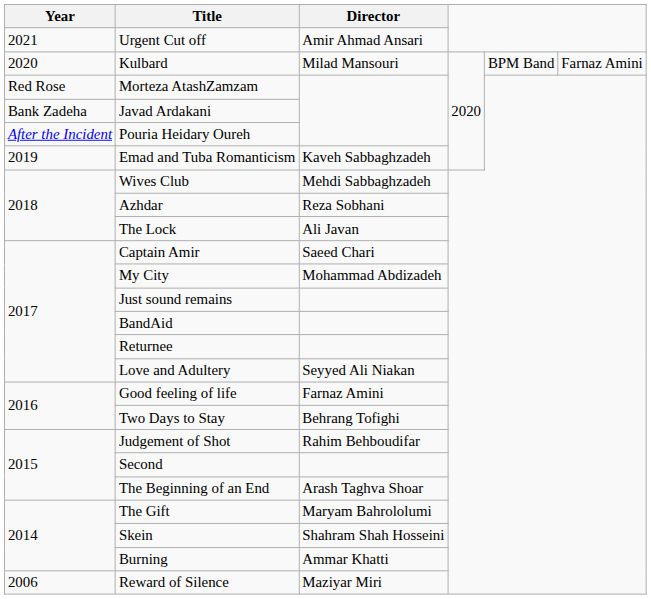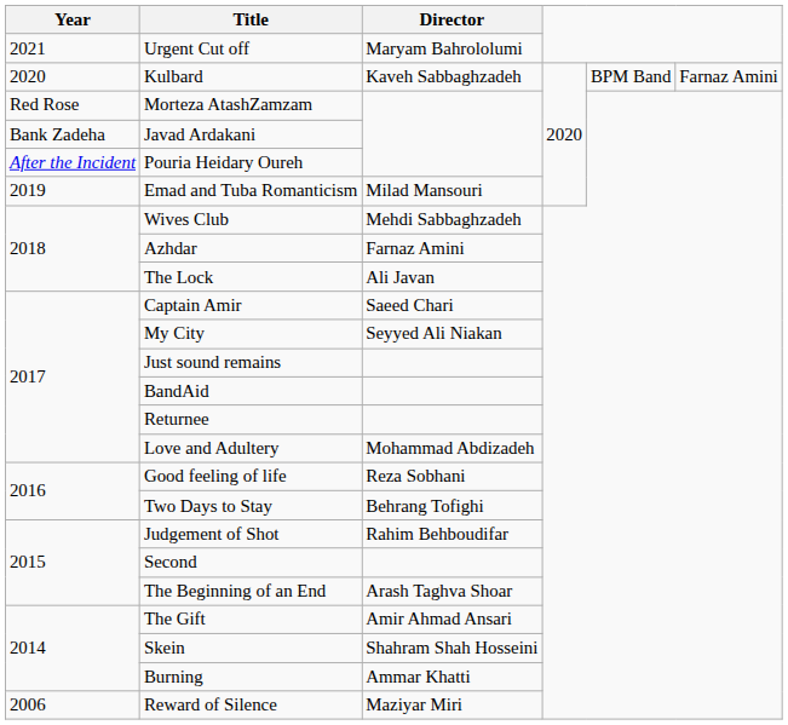 <table class="wikitable sortable">
 <tr>
 <th>Year</th>
 <th>Title</th>
 <th>Director</th>
 </tr>
 <tr>
 <td>2021</td>
 <td>Urgent Cut off</td>
-<td>Amir Ahmad Ansari</td>
+<td>Maryam Bahrololumi</td>
 </tr>
 <tr>
 <td>2020</td>
 <td>Kulbard</td>
-<td>Milad Mansouri</td>
+<td>Kaveh Sabbaghzadeh</td>
 <td rowspan="5">2020</td>
 <td>BPM Band</td>
 <td>Farnaz Amini</td>
 </tr>
 <tr>
 <td>Red Rose</td>
 <td>Morteza AtashZamzam</td>
 </tr>
 <tr>
 <td>Bank Zadeha</td>
 <td>Javad Ardakani</td>
 </tr>
 <tr>
 <td><em><a href='#'>After the Incident</a></em></td>
 <td>Pouria Heidary Oureh</td>
 </tr>
 <tr>
 <td>2019</td>
 <td>Emad and Tuba Romanticism</td>
-<td>Kaveh Sabbaghzadeh</td>
+<td>Milad Mansouri</td>
 </tr>
 <tr>
 <td rowspan="3">2018</td>
 <td>Wives Club</td>
 <td>Mehdi Sabbaghzadeh</td>
 </tr>
 <tr>
 <td>Azhdar</td>
-<td>Reza Sobhani</td>
+<td>Farnaz Amini</td>
 </tr>
 <tr>
 <td>The Lock</td>
 <td>Ali Javan</td>
 </tr>
 <tr>
 <td rowspan="6">2017</td>
 <td>Captain Amir</td>
 <td>Saeed Chari</td>
 </tr>
 <tr>
 <td>My City</td>
-<td>Mohammad Abdizadeh</td>
+<td>Seyyed Ali Niakan</td>
 </tr>
 <tr>
 <td>Just sound remains</td>
 <td></td>
 </tr>
 <tr>
 <td>BandAid</td>
 <td></td>
 </tr>
 <tr>
 <td>Returnee</td>
 <td></td>
 </tr>
 <tr>
 <td>Love and Adultery</td>
-<td>Seyyed Ali Niakan</td>
+<td>Mohammad Abdizadeh</td>
 </tr>
 <tr>
 <td rowspan="2">2016</td>
 <td>Good feeling of life</td>
-<td>Farnaz Amini</td>
+<td>Reza Sobhani</td>
 </tr>
 <tr>
 <td>Two Days to Stay</td>
 <td>‌Behrang Tofighi</td>
 </tr>
 <tr>
 <td rowspan="3">2015</td>
 <td>Judgement of Shot</td>
 <td>Rahim Behboudifar</td>
 </tr>
 <tr>
 <td>Second</td>
 <td></td>
 </tr>
 <tr>
 <td>The Beginning of an End</td>
 <td>Arash Taghva Shoar</td>
 </tr>
 <tr>
 <td rowspan="3">2014</td>
 <td>The Gift</td>
-<td>Maryam Bahrololumi</td>
+<td>Amir Ahmad Ansari</td>
 </tr>
 <tr>
 <td>Skein</td>
 <td>Shahram Shah Hosseini</td>
 </tr>
 <tr>
 <td>Burning</td>
 <td>Ammar Khatti</td>
 </tr>
 <tr>
 <td>2006</td>
 <td>Reward of Silence</td>
 <td>Maziyar Miri</td>
 </tr>
 </table>
